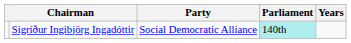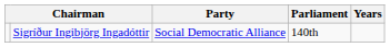 <table class="wikitable">
 <tr>
 <th colspan="2">Chairman</th>
 <th>Party</th>
 <th>Parliament</th>
 <th>Years</th>
 </tr>
 <tr>
 <td></td>
 <td><a href='#'>Sigríður Ingibjörg Ingadóttir</a></td>
 <td><a href='#'>Social Democratic Alliance</a></td>
-<td style="background: paleturquoise;">140th</td>
+<td>140th</td>
 <td></td>
 </tr>
 </table>
